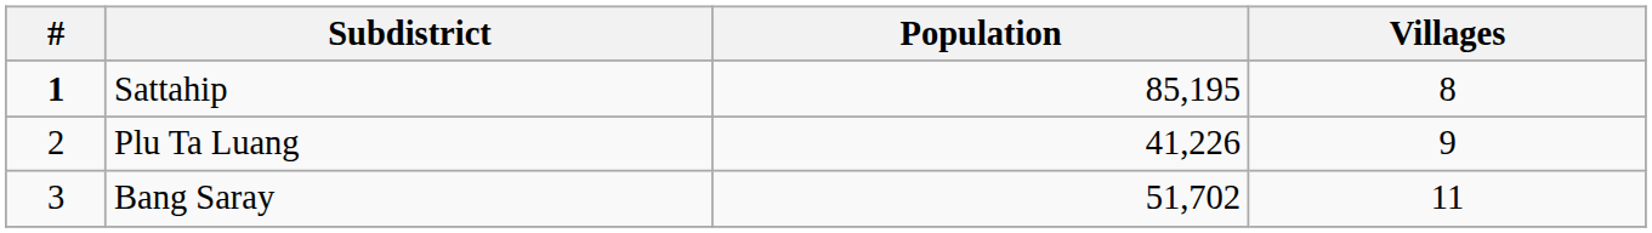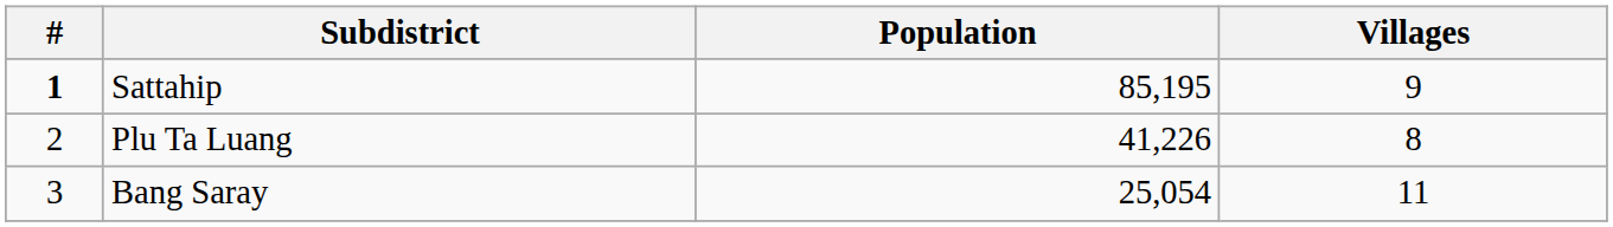 <table class="wikitable" style="width:48%; display:inline-table;">
 <tr>
 <th>#</th>
 <th>Subdistrict</th>
 <th>Population</th>
 <th>Villages</th>
 </tr>
 <tr>
 <td style="text-align:center;"><strong>1</strong></td>
 <td>Sattahip</td>
 <td style="text-align:right;">85,195</td>
-<td style="text-align:center;">8</td>
+<td style="text-align:center;">9</td>
 </tr>
 <tr>
 <td style="text-align:center;">2</td>
 <td>Plu Ta Luang</td>
 <td style="text-align:right;">41,226</td>
-<td style="text-align:center;">9</td>
+<td style="text-align:center;">8</td>
 </tr>
 <tr>
 <td style="text-align:center;">3</td>
 <td>Bang Saray</td>
-<td style="text-align:right;">51,702</td>
+<td style="text-align:right;">25,054</td>
 <td style="text-align:center;">11</td>
 </tr>
 </table>
